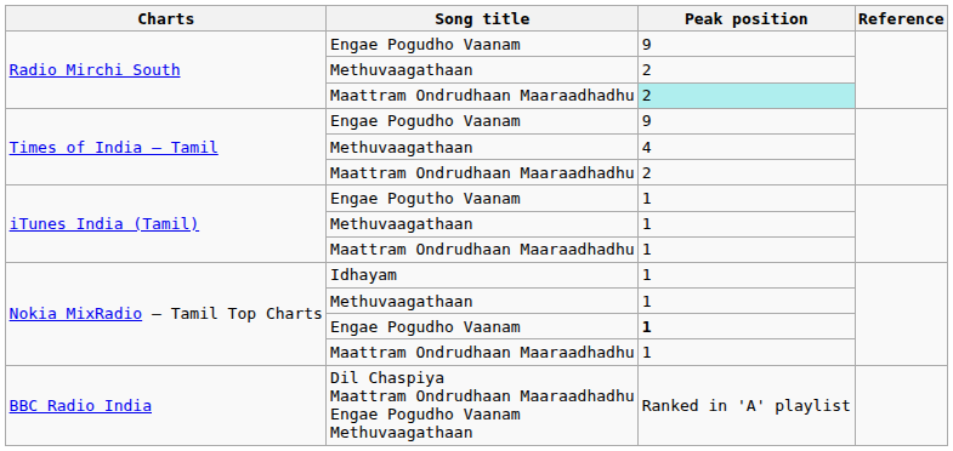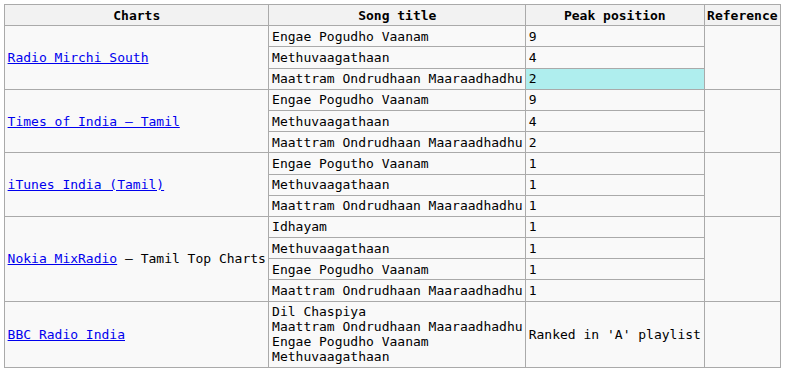 <table class="wikitable">
 <tr>
 <th>Charts</th>
 <th>Song title</th>
 <th>Peak position</th>
 <th>Reference</th>
 </tr>
 <tr>
 <td rowspan="3"><a href='#'>Radio Mirchi South</a></td>
 <td>Engae Pogudho Vaanam</td>
 <td>9</td>
 <td rowspan="3"></td>
 </tr>
 <tr>
 <td>Methuvaagathaan</td>
-<td>2</td>
+<td>4</td>
 </tr>
 <tr>
 <td>Maattram Ondrudhaan Maaraadhadhu</td>
 <td style="background: paleturquoise;">2</td>
 </tr>
 <tr>
 <td rowspan="3"><a href='#'>Times of India – Tamil</a></td>
 <td>Engae Pogudho Vaanam</td>
 <td>9</td>
 <td rowspan="3"></td>
 </tr>
 <tr>
 <td>Methuvaagathaan</td>
 <td>4</td>
 </tr>
 <tr>
 <td>Maattram Ondrudhaan Maaraadhadhu</td>
 <td>2</td>
 </tr>
 <tr>
 <td rowspan="3"><a href='#'>iTunes India (Tamil)</a></td>
 <td>Engae Pogutho Vaanam</td>
 <td>1</td>
 <td rowspan="3"></td>
 </tr>
 <tr>
 <td>Methuvaagathaan</td>
 <td>1</td>
 </tr>
 <tr>
 <td>Maattram Ondrudhaan Maaraadhadhu</td>
 <td>1</td>
 </tr>
 <tr>
 <td rowspan="4"><a href='#'>Nokia MixRadio</a> – Tamil Top Charts</td>
 <td>Idhayam</td>
 <td>1</td>
 <td rowspan="4"></td>
 </tr>
 <tr>
 <td>Methuvaagathaan</td>
 <td>1</td>
 </tr>
 <tr>
 <td>Engae Pogudho Vaanam</td>
-<td><strong>1</strong></td>
+<td>1</td>
 </tr>
 <tr>
 <td>Maattram Ondrudhaan Maaraadhadhu</td>
 <td>1</td>
 </tr>
 <tr>
 <td rowspan="4"><a href='#'>BBC Radio India</a></td>
 <td rowspan ="4">Dil Chaspiya<br>Maattram Ondrudhaan Maaraadhadhu<br>Engae Pogudho Vaanam<br>Methuvaagathaan</td>
 </tr>
 <tr>
 <td rowspan="4">Ranked in 'A' playlist</td>
 <td rowspan="4"></td>
 </tr>
 </table>
